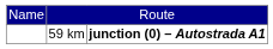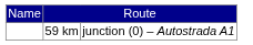 <table border=1 cellpadding=2 style="margin-left:1em; margin-bottom: 1em; color: black; border-collapse: collapse; font-size: 95%;">
 <tr align="center" bgcolor="00008B" style="color: white;">
 <td>Name</td>
 <td colspan=2>Route</td>
 </tr>
 <tr>
 <td></td>
 <td align="right">59 km</td>
-<td><strong> junction  (0) –   <em>Autostrada A1</em></strong></td>
+<td> junction  (0) –   <em>Autostrada A1</em></td>
 </tr>
 </table>
